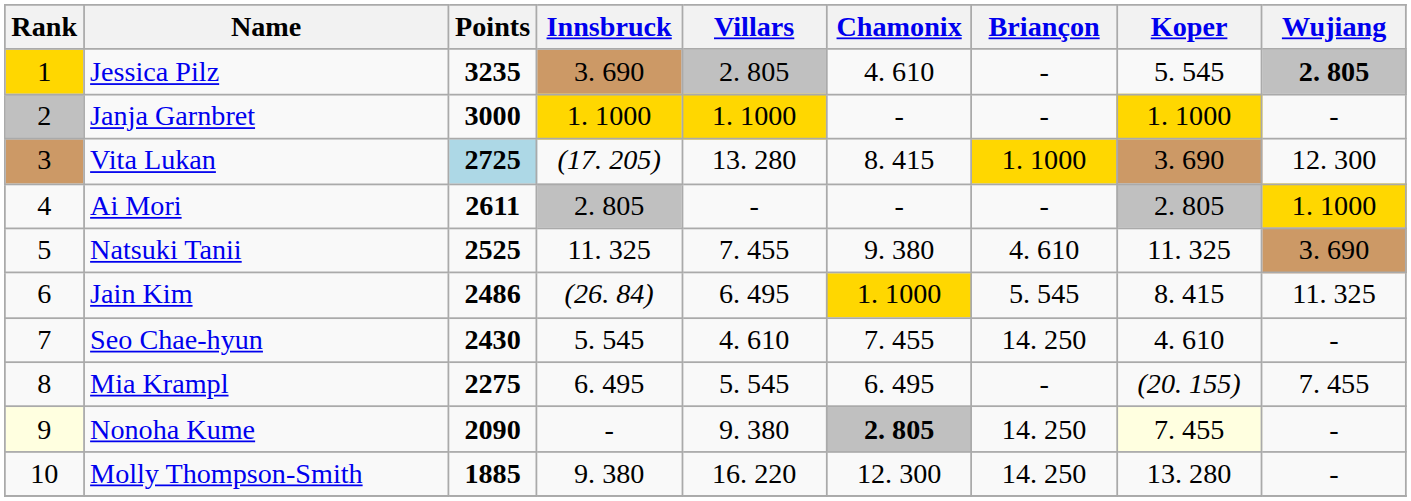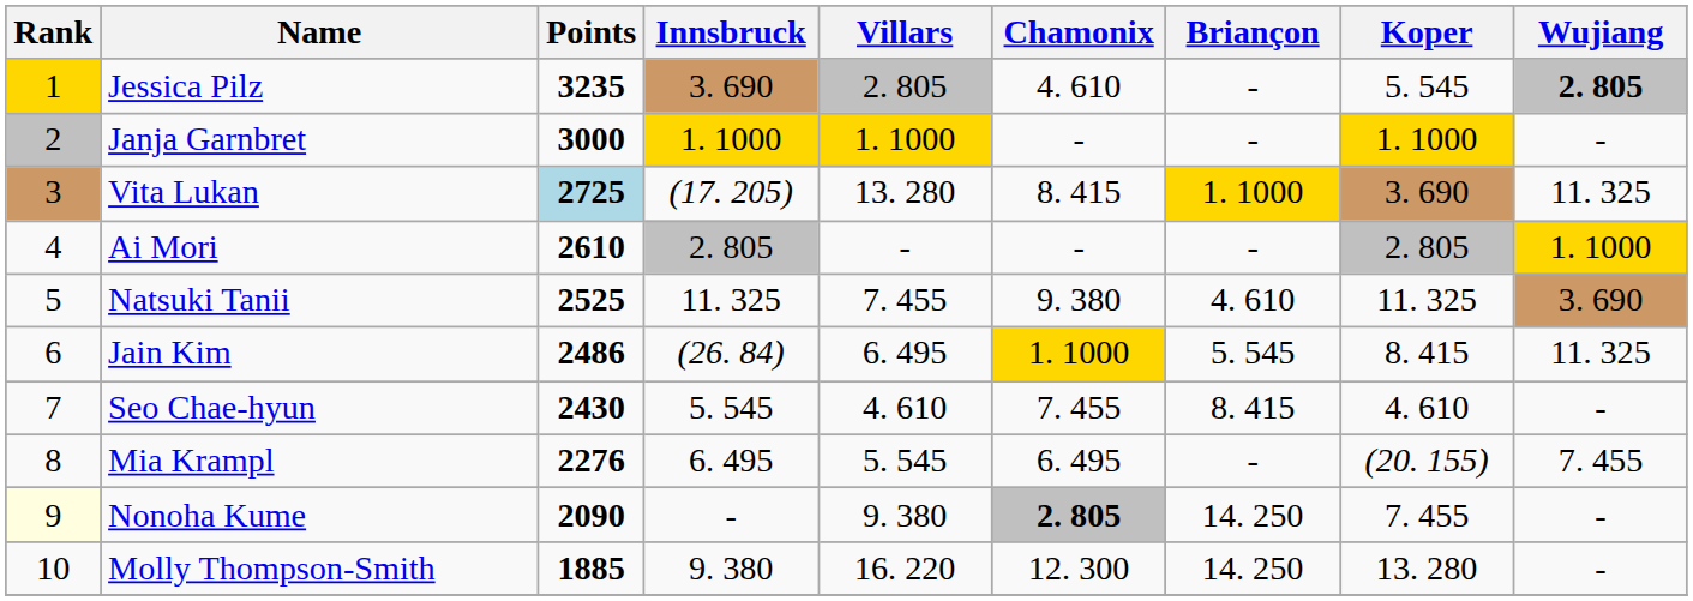 <table class="wikitable sortable">
 <tr>
 <th>Rank</th>
 <th width = "200">Name</th>
 <th>Points</th>
 <th width = "75" data-sort-type="number"><a href='#'>Innsbruck</a></th>
 <th width = "75" data-sort-type="number"><a href='#'>Villars</a></th>
 <th width = "75" data-sort-type="number"><a href='#'>Chamonix</a></th>
 <th width = "75" data-sort-type="number"><a href='#'>Briançon</a></th>
 <th width = "75" data-sort-type="number"><a href='#'>Koper</a></th>
 <th width = "75" data-sort-type="number"><a href='#'>Wujiang</a></th>
 </tr>
 <tr>
 <td align="center" style="background: gold">1</td>
 <td> <a href='#'>Jessica Pilz</a></td>
 <td align="center"><strong>3235</strong></td>
 <td align="center" style="background: #cc9966">3. 690</td>
 <td align="center" style="background: silver">2. 805</td>
 <td align="center">4. 610</td>
 <td align="center">-</td>
 <td align="center">5. 545</td>
 <td align="center" style="background: silver"><strong>2. 805</strong></td>
 </tr>
 <tr>
 <td align="center" style="background: silver">2</td>
 <td> <a href='#'>Janja Garnbret</a></td>
 <td align="center"><strong>3000</strong></td>
 <td align="center" style="background: gold">1. 1000</td>
 <td align="center" style="background: gold">1. 1000</td>
 <td align="center">-</td>
 <td align="center">-</td>
 <td align="center" style="background: gold">1. 1000</td>
 <td align="center">-</td>
 </tr>
 <tr>
 <td align="center" style="background: #cc9966">3</td>
 <td> <a href='#'>Vita Lukan</a></td>
 <td align="center" style="background: lightblue;"><strong>2725</strong></td>
 <td align="center"><em>(17. 205)</em></td>
 <td align="center">13. 280</td>
 <td align="center">8. 415</td>
 <td align="center" style="background: gold">1. 1000</td>
 <td align="center" style="background: #cc9966">3. 690</td>
-<td align="center">12. 300</td>
+<td align="center">11. 325</td>
 </tr>
 <tr>
 <td align="center">4</td>
 <td> <a href='#'>Ai Mori</a></td>
-<td align="center"><strong>2611</strong></td>
+<td align="center"><strong>2610</strong></td>
 <td align="center" style="background: silver">2. 805</td>
 <td align="center">-</td>
 <td align="center">-</td>
 <td align="center">-</td>
 <td align="center" style="background: silver">2. 805</td>
 <td align="center" style="background: gold">1. 1000</td>
 </tr>
 <tr>
 <td align="center">5</td>
 <td> <a href='#'>Natsuki Tanii</a></td>
 <td align="center"><strong>2525</strong></td>
 <td align="center">11. 325</td>
 <td align="center">7. 455</td>
 <td align="center">9. 380</td>
 <td align="center">4. 610</td>
 <td align="center">11. 325</td>
 <td align="center" style="background: #cc9966">3. 690</td>
 </tr>
 <tr>
 <td align="center">6</td>
 <td> <a href='#'>Jain Kim</a></td>
 <td align="center"><strong>2486</strong></td>
 <td align="center"><em>(26. 84)</em></td>
 <td align="center">6. 495</td>
 <td align="center" style="background: gold">1. 1000</td>
 <td align="center">5. 545</td>
 <td align="center">8. 415</td>
 <td align="center">11. 325</td>
 </tr>
 <tr>
 <td align="center">7</td>
 <td> <a href='#'>Seo Chae-hyun</a></td>
 <td align="center"><strong>2430</strong></td>
 <td align="center">5. 545</td>
 <td align="center">4. 610</td>
 <td align="center">7. 455</td>
-<td align="center">14. 250</td>
+<td align="center">8. 415</td>
 <td align="center">4. 610</td>
 <td align="center">-</td>
 </tr>
 <tr>
 <td align="center">8</td>
 <td> <a href='#'>Mia Krampl</a></td>
-<td align="center"><strong>2275</strong></td>
+<td align="center"><strong>2276</strong></td>
 <td align="center">6. 495</td>
 <td align="center">5. 545</td>
 <td align="center">6. 495</td>
 <td align="center">-</td>
 <td align="center"><em>(20. 155)</em></td>
 <td align="center">7. 455</td>
 </tr>
 <tr>
 <td align="center" style="background: lightyellow;">9</td>
 <td> <a href='#'>Nonoha Kume</a></td>
 <td align="center"><strong>2090</strong></td>
 <td align="center">-</td>
 <td align="center">9. 380</td>
 <td align="center" style="background: silver"><strong>2. 805</strong></td>
 <td align="center">14. 250</td>
-<td align="center" style="background: lightyellow;">7. 455</td>
+<td align="center">7. 455</td>
 <td align="center">-</td>
 </tr>
 <tr>
 <td align="center">10</td>
 <td> <a href='#'>Molly Thompson-Smith</a></td>
 <td align="center"><strong>1885</strong></td>
 <td align="center">9. 380</td>
 <td align="center">16. 220</td>
 <td align="center">12. 300</td>
 <td align="center">14. 250</td>
 <td align="center">13. 280</td>
 <td align="center">-</td>
 </tr>
 <tr>
 </tr>
 </table>
